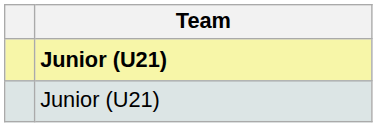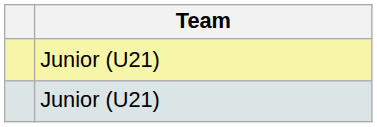 <table class="wikitable" style="text-align:center">
 <tr>
 <th width=15></th>
 <th width=240>Team</th>
 </tr>
 <tr style="background:#f7f6a8;">
 <td style="text-align:center; height:23px;"></td>
-<td align=left><strong> Junior (U21)</strong></td>
+<td align=left> Junior (U21)</td>
 </tr>
 <tr style="background:#dce5e5;">
 <td style="text-align:center; height:23px;"></td>
 <td align=left> Junior (U21)</td>
 </tr>
 </table>
